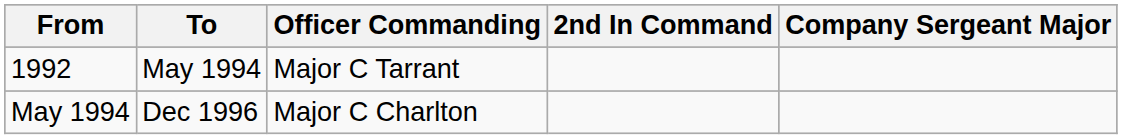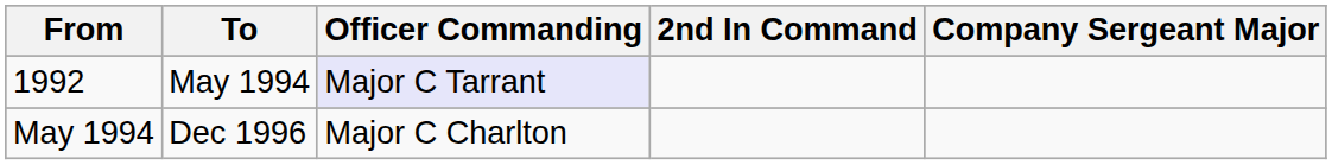 <table class="wikitable">
 <tr>
 <th>From</th>
 <th>To</th>
 <th>Officer Commanding</th>
 <th>2nd In Command</th>
 <th>Company Sergeant Major</th>
 </tr>
 <tr>
 <td>1992</td>
 <td>May 1994</td>
-<td>Major C Tarrant</td>
+<td style="background: lavender;">Major C Tarrant</td>
 <td></td>
 </tr>
 <tr>
 <td>May 1994</td>
 <td>Dec 1996</td>
 <td>Major C Charlton</td>
 <td></td>
 <td></td>
 </tr>
 </table>
